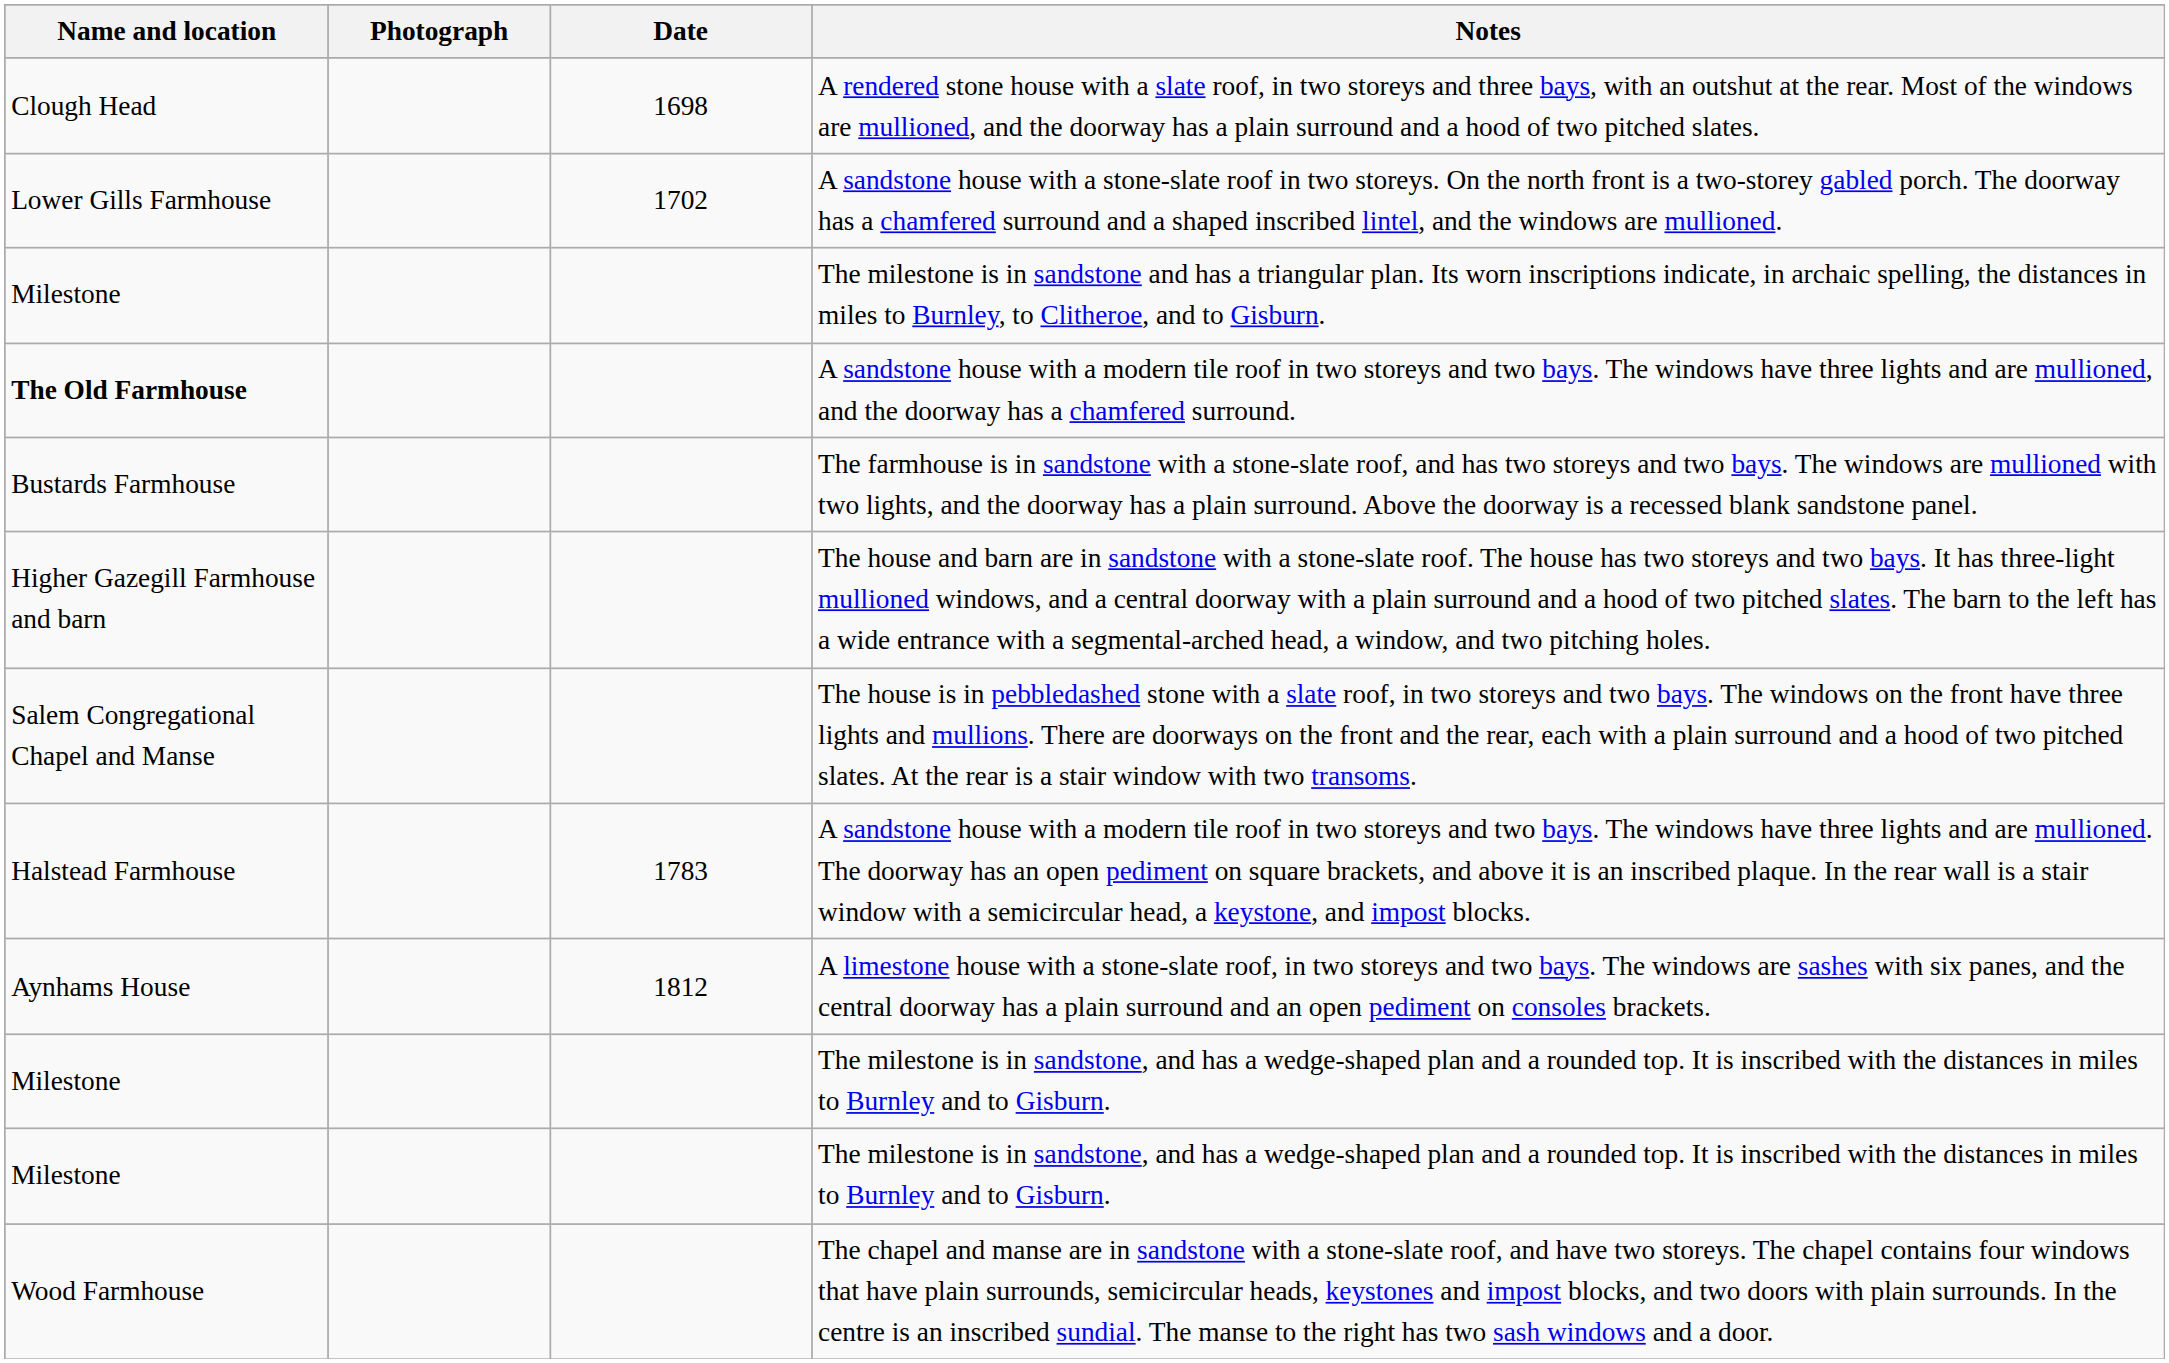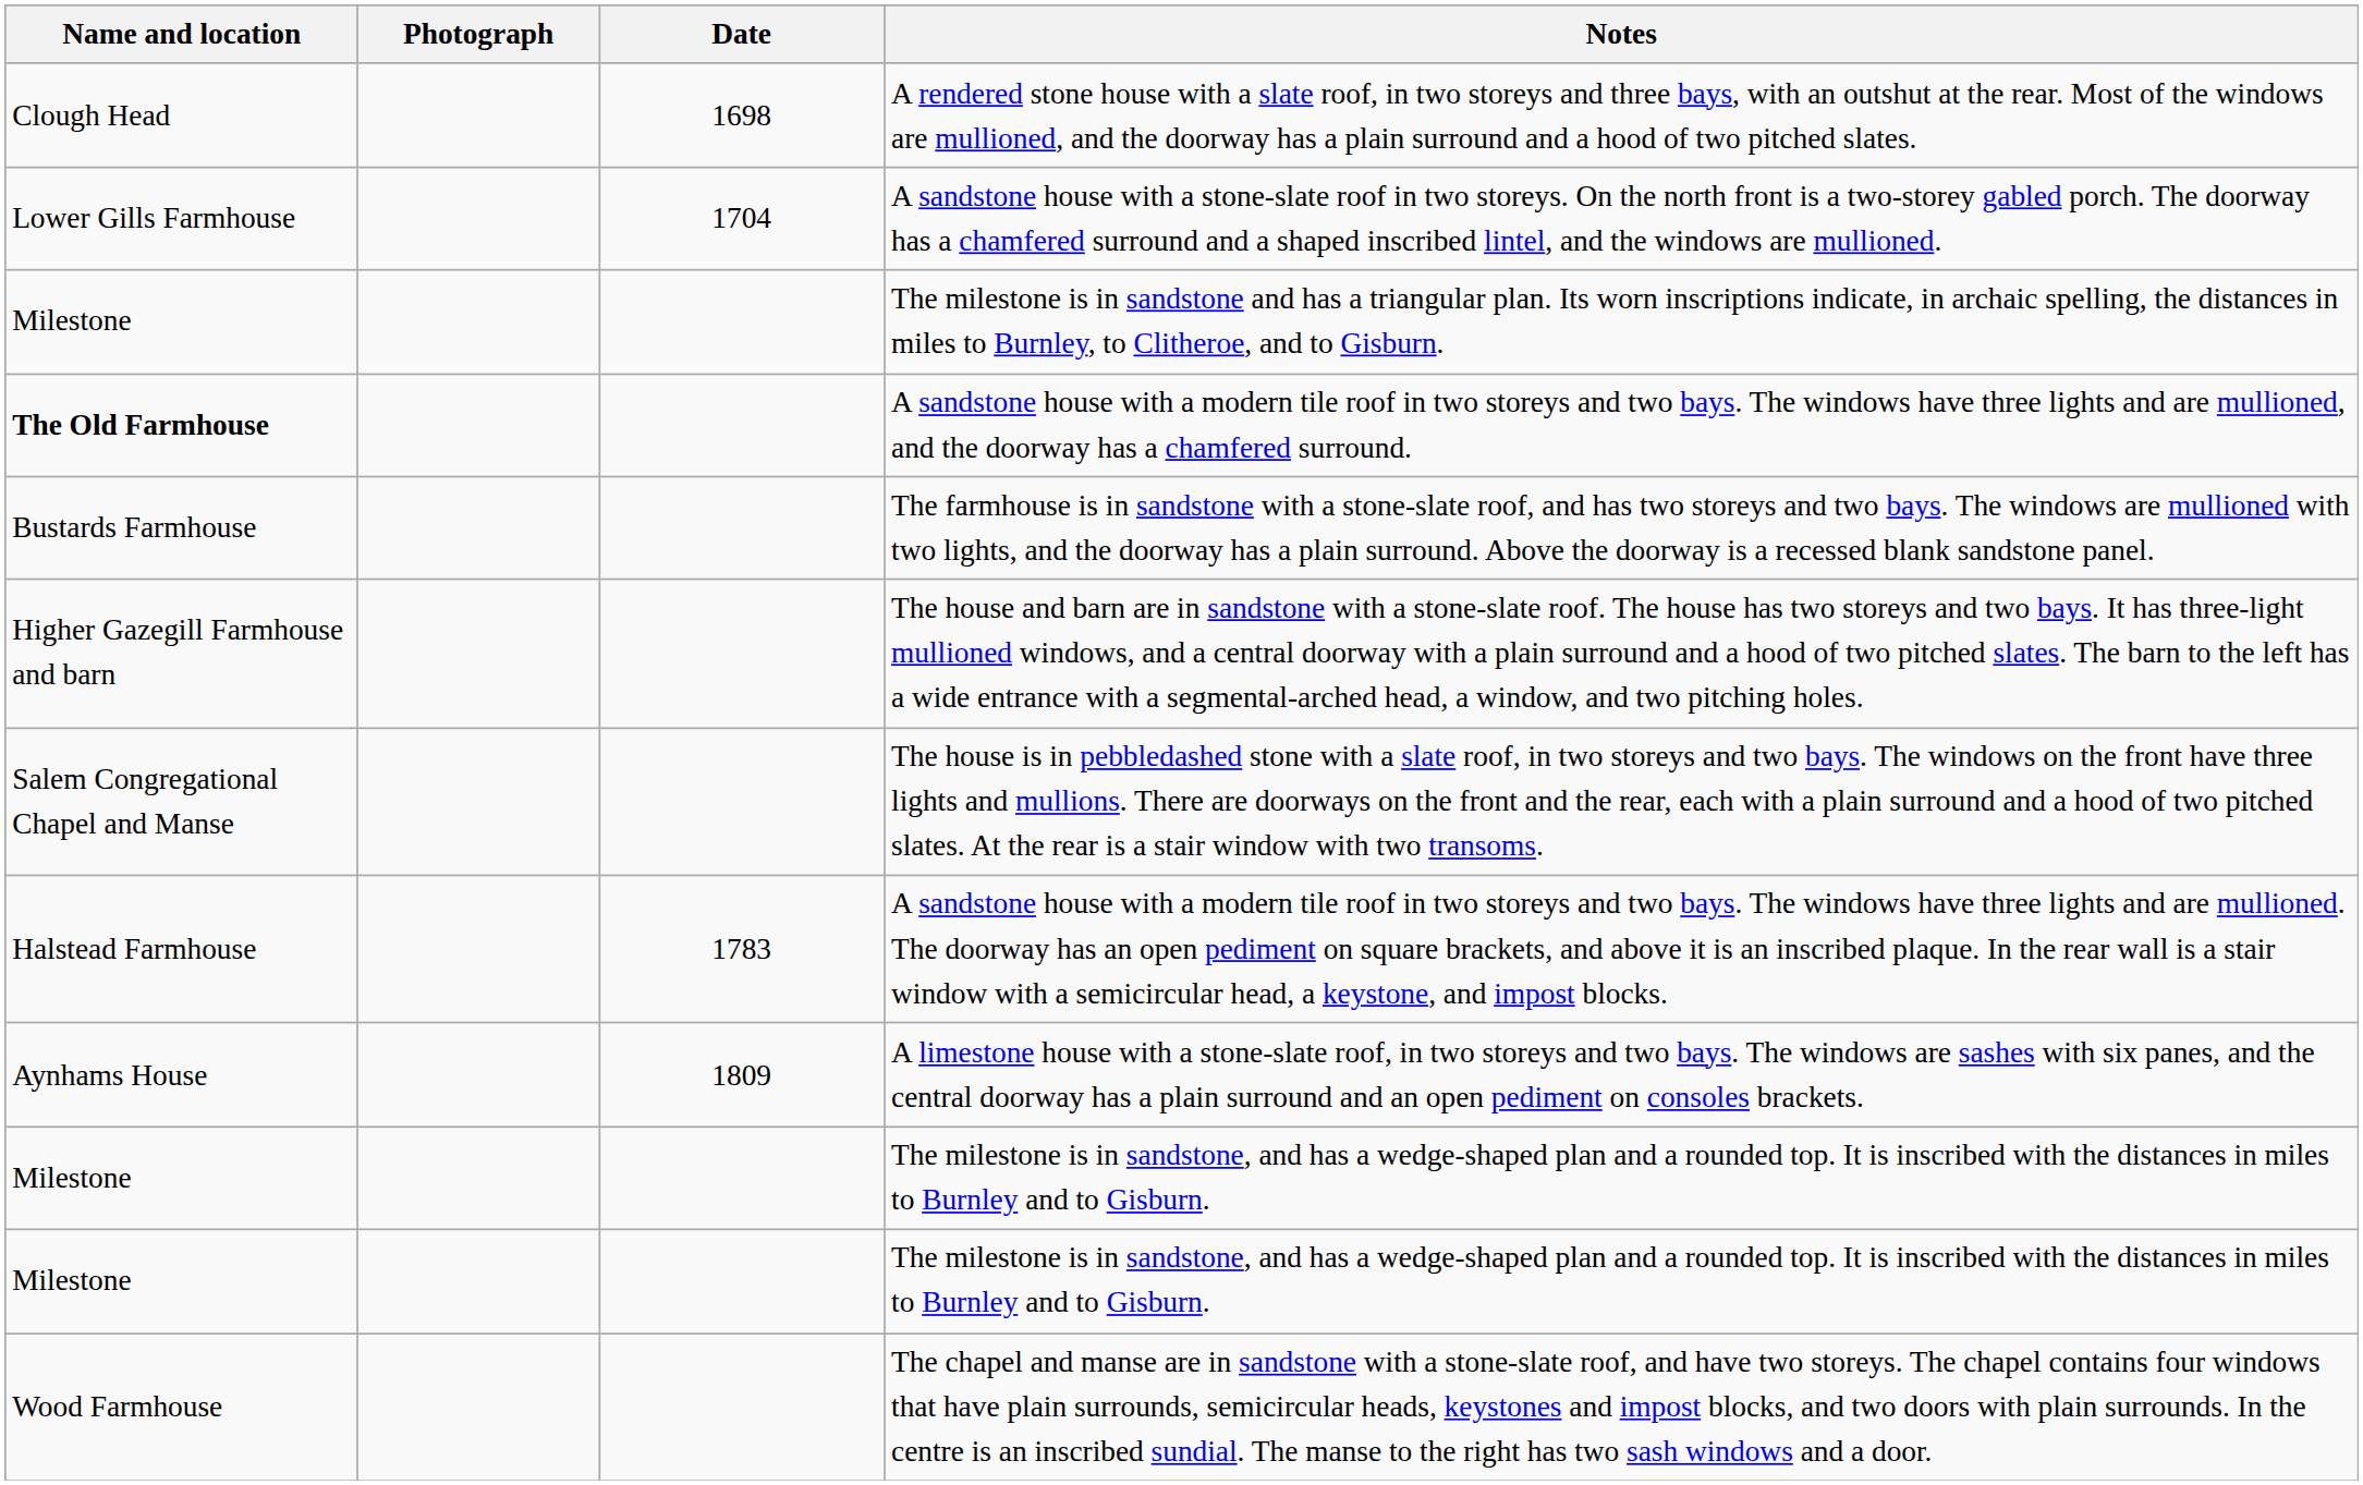 <table class="wikitable sortable plainrowheaders" style="width:100%;border:0px;text-align:left;line-height:150%;">
 <tr>
 <th scope="col"  style="width:150px">Name and location</th>
 <th scope="col"  style="width:100px" class="unsortable">Photograph</th>
 <th scope="col"  style="width:120px">Date</th>
 <th scope="col"  style="width:650px" class="unsortable">Notes</th>
 </tr>
 <tr>
 <td>Clough Head<br><small></small></td>
 <td></td>
 <td align="center">1698</td>
 <td>A <a href='#'>rendered</a> stone house with a <a href='#'>slate</a> roof, in two storeys and three <a href='#'>bays</a>, with an outshut at the rear.  Most of the windows are <a href='#'>mullioned</a>, and the doorway has a plain surround and a hood of two pitched slates.</td>
 </tr>
 <tr>
 <td>Lower Gills Farmhouse<br><small></small></td>
 <td></td>
-<td align="center">1702</td>
+<td align="center">1704</td>
 <td>A <a href='#'>sandstone</a> house with a stone-slate roof in two storeys.  On the north front is a two-storey <a href='#'>gabled</a> porch.  The doorway has a <a href='#'>chamfered</a> surround and a shaped inscribed <a href='#'>lintel</a>, and the windows are <a href='#'>mullioned</a>.</td>
 </tr>
 <tr>
 <td>Milestone<br><small></small></td>
 <td></td>
 <td align="center"></td>
 <td>The milestone is in <a href='#'>sandstone</a> and has a triangular plan.  Its worn inscriptions indicate, in archaic spelling, the distances in miles to <a href='#'>Burnley</a>, to <a href='#'>Clitheroe</a>, and to <a href='#'>Gisburn</a>.</td>
 </tr>
 <tr>
 <td><strong>The Old Farmhouse<br><small></small></strong></td>
 <td></td>
 <td align="center"></td>
 <td>A <a href='#'>sandstone</a> house with a modern tile roof in two storeys and two <a href='#'>bays</a>.  The windows have three lights and are <a href='#'>mullioned</a>, and the doorway has a <a href='#'>chamfered</a> surround.</td>
 </tr>
 <tr>
 <td>Bustards Farmhouse<br><small></small></td>
 <td></td>
 <td align="center"></td>
 <td>The farmhouse is in <a href='#'>sandstone</a> with a stone-slate roof, and has two storeys and two <a href='#'>bays</a>.  The windows are <a href='#'>mullioned</a> with two lights, and the doorway has a plain surround.  Above the doorway is a recessed blank sandstone panel.</td>
 </tr>
 <tr>
 <td>Higher Gazegill Farmhouse and barn<br><small></small></td>
 <td></td>
 <td align="center"></td>
 <td>The house and barn are in <a href='#'>sandstone</a> with a stone-slate roof.  The house has two storeys and two <a href='#'>bays</a>.  It has three-light <a href='#'>mullioned</a> windows, and a central doorway with a plain surround and a hood of two pitched <a href='#'>slates</a>.  The barn to the left has a wide entrance with a segmental-arched head, a window, and two pitching holes.</td>
 </tr>
 <tr>
 <td>Salem Congregational Chapel and Manse<br><small></small></td>
 <td></td>
 <td align="center"></td>
 <td>The house is in <a href='#'>pebbledashed</a> stone with a <a href='#'>slate</a> roof, in two storeys and two <a href='#'>bays</a>.  The windows on the front have three lights and <a href='#'>mullions</a>.  There are doorways on the front and the rear, each with a plain surround and a hood of two pitched slates.  At the rear is a stair window with two <a href='#'>transoms</a>.</td>
 </tr>
 <tr>
 <td>Halstead Farmhouse<br><small></small></td>
 <td></td>
 <td align="center">1783</td>
 <td>A <a href='#'>sandstone</a> house with a modern tile roof in two storeys and two <a href='#'>bays</a>.  The windows have three lights and are <a href='#'>mullioned</a>.  The doorway has an open <a href='#'>pediment</a> on square brackets, and above it is an inscribed plaque.  In the rear wall is a stair window with a semicircular head, a <a href='#'>keystone</a>, and <a href='#'>impost</a> blocks.</td>
 </tr>
 <tr>
 <td>Aynhams House<br><small></small></td>
 <td></td>
-<td align="center">1812</td>
+<td align="center">1809</td>
 <td>A <a href='#'>limestone</a> house with a stone-slate roof, in two storeys and two <a href='#'>bays</a>.  The windows are <a href='#'>sashes</a> with six panes, and the central doorway has a plain surround and an open <a href='#'>pediment</a> on <a href='#'>consoles</a> brackets.</td>
 </tr>
 <tr>
 <td>Milestone<br><small></small></td>
 <td></td>
 <td align="center"></td>
 <td>The milestone is in <a href='#'>sandstone</a>, and has a wedge-shaped plan and a rounded top.  It is inscribed with the distances in miles to <a href='#'>Burnley</a> and to <a href='#'>Gisburn</a>.</td>
 </tr>
 <tr>
 <td>Milestone<br><small></small></td>
 <td></td>
 <td align="center"></td>
 <td>The milestone is in <a href='#'>sandstone</a>, and has a wedge-shaped plan and a rounded top.  It is inscribed with the distances in miles to <a href='#'>Burnley</a> and to <a href='#'>Gisburn</a>.</td>
 </tr>
 <tr>
 <td>Wood Farmhouse<br><small></small></td>
 <td></td>
 <td align="center"></td>
 <td>The chapel and manse are in <a href='#'>sandstone</a> with a stone-slate roof, and have two storeys.  The chapel contains four windows that have plain surrounds, semicircular heads, <a href='#'>keystones</a> and <a href='#'>impost</a> blocks, and two doors with plain surrounds.  In the centre is an inscribed <a href='#'>sundial</a>.  The manse to the right has two <a href='#'>sash windows</a> and a door.</td>
 </tr>
 <tr>
 </tr>
 </table>
